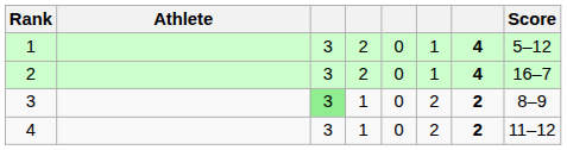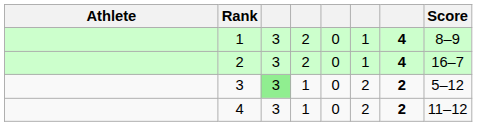 <table class="wikitable" style="text-align: center;">
 <tr>
+<th width=225>Athlete</th>
 <th width=25>Rank</th>
-<th width=225>Athlete</th>
 <th width=25></th>
 <th width=25></th>
 <th width=25></th>
 <th width=25></th>
 <th width=40></th>
 <th width=40>Score</th>
 </tr>
 <tr bgcolor=ccffcc>
+<td align=left></td>
 <td>1</td>
-<td align=left></td>
 <td>3</td>
 <td>2</td>
 <td>0</td>
 <td>1</td>
 <td><strong>4</strong></td>
-<td>5–12</td>
+<td>8–9</td>
 </tr>
 <tr bgcolor=ccffcc>
+<td align=left></td>
 <td>2</td>
-<td align=left></td>
 <td>3</td>
 <td>2</td>
 <td>0</td>
 <td>1</td>
 <td><strong>4</strong></td>
 <td>16–7</td>
 </tr>
 <tr>
+<td align=left></td>
 <td>3</td>
-<td align=left></td>
 <td style="background: lightgreen;">3</td>
 <td>1</td>
 <td>0</td>
 <td>2</td>
 <td><strong>2</strong></td>
-<td>8–9</td>
+<td>5–12</td>
 </tr>
 <tr>
+<td align=left></td>
 <td>4</td>
-<td align=left></td>
 <td>3</td>
 <td>1</td>
 <td>0</td>
 <td>2</td>
 <td><strong>2</strong></td>
 <td>11–12</td>
 </tr>
 </table>
